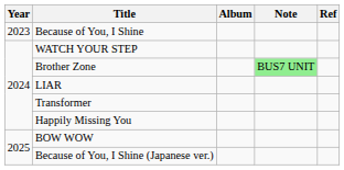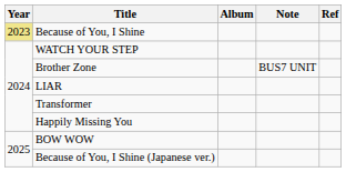 <table class="wikitable">
 <tr>
 <th>Year</th>
 <th>Title</th>
 <th>Album</th>
 <th>Note</th>
 <th>Ref</th>
 </tr>
 <tr>
-<td>2023</td>
+<td style="background: khaki;">2023</td>
 <td>Because of You, I Shine</td>
 <td></td>
 <td></td>
 <td></td>
 </tr>
 <tr>
 <td rowspan="5">2024</td>
 <td>WATCH YOUR STEP</td>
 <td></td>
 <td></td>
 <td></td>
 </tr>
 <tr>
 <td>Brother Zone</td>
 <td></td>
-<td style="background: lightgreen;">BUS7 UNIT</td>
+<td>BUS7 UNIT</td>
 <td></td>
 </tr>
 <tr>
 <td>LIAR</td>
 <td></td>
 <td></td>
 <td></td>
 </tr>
 <tr>
 <td>Transformer</td>
 <td></td>
 <td></td>
 <td></td>
 </tr>
 <tr>
 <td>Happily Missing You</td>
 <td></td>
 <td></td>
 <td></td>
 </tr>
 <tr>
 <td rowspan="2">2025</td>
 <td>BOW WOW</td>
 <td></td>
 <td></td>
 <td></td>
 </tr>
 <tr>
 <td>Because of You, I Shine (Japanese ver.)</td>
 <td></td>
 <td></td>
 <td></td>
 </tr>
 </table>
